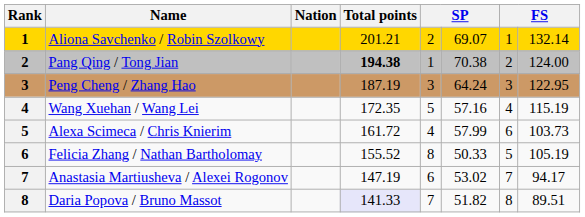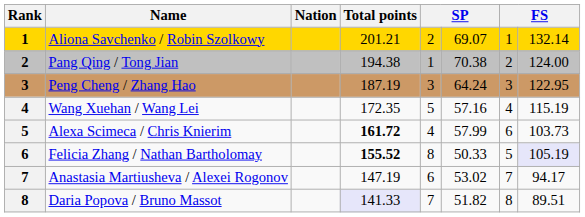 <table class="wikitable sortable">
 <tr>
 <th>Rank</th>
 <th>Name</th>
 <th>Nation</th>
 <th>Total points</th>
 <th colspan="2" width="80px"><a href='#'>SP</a></th>
 <th colspan="2" width="80px"><a href='#'>FS</a></th>
 </tr>
 <tr bgcolor="gold">
 <td align="center"><strong>1</strong></td>
 <td><a href='#'>Aliona Savchenko</a> / <a href='#'>Robin Szolkowy</a></td>
 <td></td>
 <td align="center">201.21</td>
 <td align="center">2</td>
 <td align="center">69.07</td>
 <td align="center">1</td>
 <td align="center">132.14</td>
 </tr>
 <tr bgcolor="silver">
 <td align="center"><strong>2</strong></td>
 <td><a href='#'>Pang Qing</a> / <a href='#'>Tong Jian</a></td>
 <td></td>
-<td align="center"><strong>194.38</strong></td>
+<td align="center">194.38</td>
 <td align="center">1</td>
 <td align="center">70.38</td>
 <td align="center">2</td>
 <td align="center">124.00</td>
 </tr>
 <tr bgcolor="cc9966">
 <td align="center"><strong>3</strong></td>
 <td><a href='#'>Peng Cheng</a> / <a href='#'>Zhang Hao</a></td>
 <td></td>
 <td align="center">187.19</td>
 <td align="center">3</td>
 <td align="center">64.24</td>
 <td align="center">3</td>
 <td align="center">122.95</td>
 </tr>
 <tr>
 <th>4</th>
 <td><a href='#'>Wang Xuehan</a> / <a href='#'>Wang Lei</a></td>
 <td></td>
 <td align="center">172.35</td>
 <td align="center">5</td>
 <td align="center">57.16</td>
 <td align="center">4</td>
 <td align="center">115.19</td>
 </tr>
 <tr>
 <th>5</th>
 <td><a href='#'>Alexa Scimeca</a> / <a href='#'>Chris Knierim</a></td>
 <td></td>
-<td align="center">161.72</td>
+<td align="center"><strong>161.72</strong></td>
 <td align="center">4</td>
 <td align="center">57.99</td>
 <td align="center">6</td>
 <td align="center">103.73</td>
 </tr>
 <tr>
 <th>6</th>
 <td><a href='#'>Felicia Zhang</a> / <a href='#'>Nathan Bartholomay</a></td>
 <td></td>
-<td align="center">155.52</td>
+<td align="center"><strong>155.52</strong></td>
 <td align="center">8</td>
 <td align="center">50.33</td>
 <td align="center">5</td>
-<td align="center">105.19</td>
+<td align="center" style="background: lavender;">105.19</td>
 </tr>
 <tr>
 <th>7</th>
 <td><a href='#'>Anastasia Martiusheva</a> / <a href='#'>Alexei Rogonov</a></td>
 <td></td>
 <td align="center">147.19</td>
 <td align="center">6</td>
 <td align="center">53.02</td>
 <td align="center">7</td>
 <td align="center">94.17</td>
 </tr>
 <tr>
 <th>8</th>
 <td><a href='#'>Daria Popova</a> / <a href='#'>Bruno Massot</a></td>
 <td></td>
 <td align="center" style="background: lavender;">141.33</td>
 <td align="center">7</td>
 <td align="center">51.82</td>
 <td align="center">8</td>
 <td align="center">89.51</td>
 </tr>
 </table>
